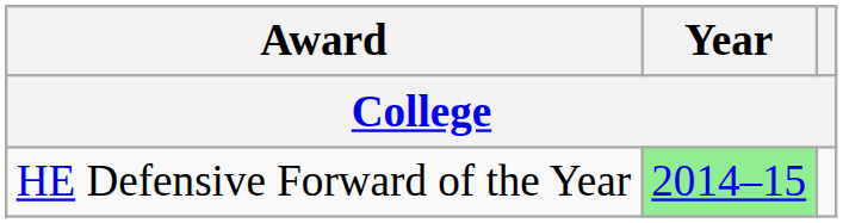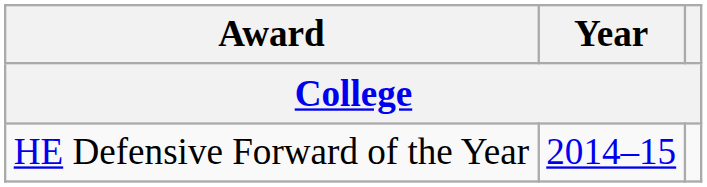 <table class="wikitable">
 <tr>
 <th>Award</th>
 <th>Year</th>
 <th></th>
 </tr>
 <tr>
 <th colspan="3"><a href='#'>College</a></th>
 </tr>
 <tr>
 <td><a href='#'>HE</a> Defensive Forward of the Year</td>
-<td style="background: lightgreen;"><a href='#'>2014–15</a></td>
+<td><a href='#'>2014–15</a></td>
 <td></td>
 </tr>
 </table>
